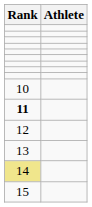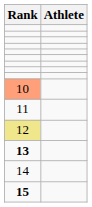 <table class="wikitable sortable" style="text-align:center">
 <tr>
 <th>Rank</th>
 <th>Athlete</th>
 </tr>
 <tr>
 <td></td>
 <td align=left></td>
 </tr>
 <tr>
 <td></td>
 <td align=left></td>
 </tr>
 <tr>
 <td></td>
 <td align=left></td>
 </tr>
 <tr>
 <td></td>
 <td align=left></td>
 </tr>
 <tr>
 <td></td>
 <td align=left></td>
 </tr>
 <tr>
 <td></td>
 <td align=left></td>
 </tr>
 <tr>
 <td></td>
 <td align=left></td>
 </tr>
 <tr>
 <td></td>
 <td align=left></td>
 </tr>
 <tr>
 <td></td>
 <td align=left></td>
 </tr>
 <tr>
-<td>10</td>
+<td style="background: lightsalmon;">10</td>
 <td align=left></td>
 </tr>
 <tr>
-<td><strong>11</strong></td>
+<td>11</td>
 <td align=left></td>
 </tr>
 <tr>
-<td>12</td>
+<td style="background: khaki;">12</td>
 <td align=left></td>
 </tr>
 <tr>
-<td>13</td>
+<td><strong>13</strong></td>
 <td align=left></td>
 </tr>
 <tr>
-<td style="background: khaki;">14</td>
+<td>14</td>
 <td align=left></td>
 </tr>
 <tr>
-<td>15</td>
+<td><strong>15</strong></td>
 <td align=left></td>
 </tr>
 </table>
